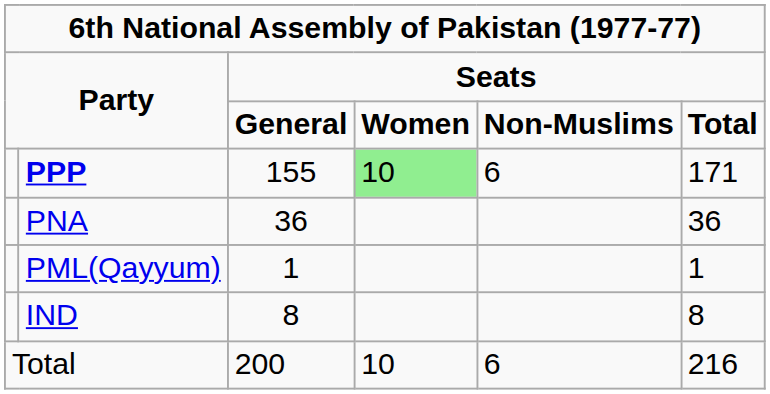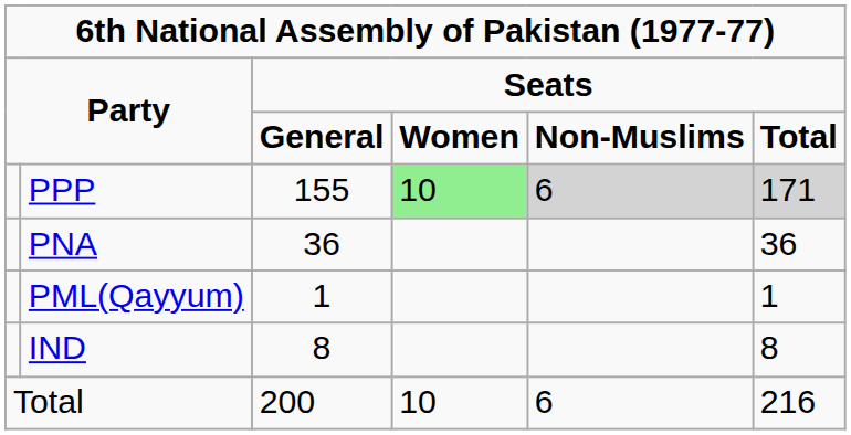 <table class ="wikitable floatright">
 <tr>
 <td colspan="6" style="text-align: center"><strong>6th National Assembly of Pakistan (1977-77)</strong></td>
 </tr>
 <tr>
 <td colspan="2" rowspan="2" style="text-align: center"><strong>Party</strong></td>
 <td colspan="4" style="text-align: center"><strong>Seats</strong></td>
 </tr>
 <tr>
 <td><strong>General</strong></td>
 <td><strong>Women</strong></td>
 <td><strong>Non-Muslims</strong></td>
 <td><strong>Total</strong></td>
 </tr>
 <tr>
 <td style="background-color: "></td>
-<td><strong><a href='#'>PPP</a></strong></td>
+<td><a href='#'>PPP</a></td>
 <td style="text-align: center">155</td>
 <td style="background: lightgreen;">10</td>
-<td>6</td>
-<td>171</td>
+<td style="background: lightgrey;">6</td>
+<td style="background: lightgrey;">171</td>
 </tr>
 <tr>
 <td style="background-color: "></td>
 <td><a href='#'>PNA</a></td>
 <td style="text-align: center">36</td>
 <td></td>
 <td></td>
 <td>36</td>
 </tr>
 <tr>
 <td></td>
 <td><a href='#'>PML(Qayyum)</a></td>
 <td style="text-align: center">1</td>
 <td></td>
 <td></td>
 <td>1</td>
 </tr>
 <tr>
 <td style="background-color: "></td>
 <td><a href='#'>IND</a></td>
 <td style="text-align: center">8</td>
 <td></td>
 <td></td>
 <td>8</td>
 </tr>
 <tr>
 <td colspan="2">Total</td>
 <td>200</td>
 <td>10</td>
 <td>6</td>
 <td>216</td>
 </tr>
 </table>
